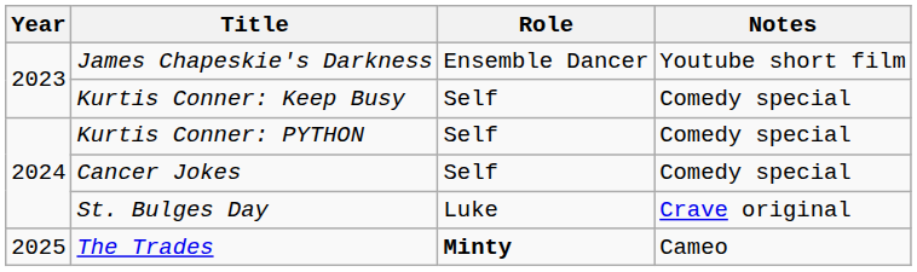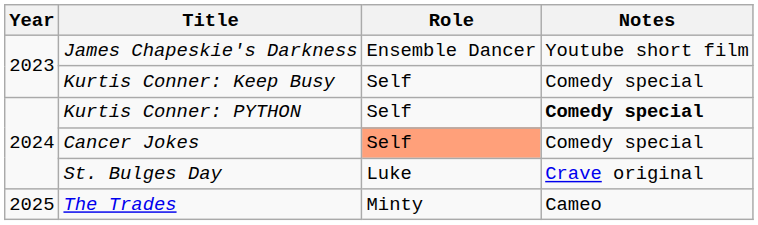 <table class="wikitable sortable">
 <tr>
 <th>Year</th>
 <th>Title</th>
 <th>Role</th>
 <th class="unsortable">Notes</th>
 </tr>
 <tr>
 <td rowspan="2">2023</td>
 <td><em>James Chapeskie's Darkness</em></td>
 <td>Ensemble Dancer</td>
 <td>Youtube short film</td>
 </tr>
 <tr>
 <td><em>Kurtis Conner: Keep Busy</em></td>
 <td>Self</td>
 <td>Comedy special</td>
 </tr>
 <tr>
 <td rowspan="3">2024</td>
 <td><em>Kurtis Conner: PYTHON</em></td>
 <td>Self</td>
-<td>Comedy special</td>
+<td><strong>Comedy special</strong></td>
 </tr>
 <tr>
 <td><em>Cancer Jokes</em></td>
-<td>Self</td>
+<td style="background: lightsalmon;">Self</td>
 <td>Comedy special</td>
 </tr>
 <tr>
 <td><em>St. Bulges Day</em></td>
 <td>Luke</td>
 <td><a href='#'>Crave</a> original</td>
 </tr>
 <tr>
 <td>2025</td>
 <td><em><a href='#'>The Trades</a></em></td>
-<td><strong>Minty</strong></td>
+<td>Minty</td>
 <td>Cameo</td>
 </tr>
 </table>
